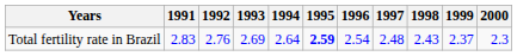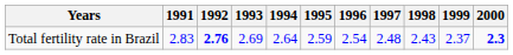 <table class="wikitable " style="text-align:right">
 <tr>
 <th>Years</th>
 <th>1991</th>
 <th>1992</th>
 <th>1993</th>
 <th>1994</th>
 <th>1995</th>
 <th>1996</th>
 <th>1997</th>
 <th>1998</th>
 <th>1999</th>
 <th>2000</th>
 </tr>
 <tr>
 <td align="left">Total fertility rate in Brazil</td>
 <td style="text-align:right; color:blue;">2.83</td>
-<td style="text-align:right; color:blue;">2.76</td>
+<td style="text-align:right; color:blue;"><strong>2.76</strong></td>
 <td style="text-align:right; color:blue;">2.69</td>
 <td style="text-align:right; color:blue;">2.64</td>
-<td style="text-align:right; color:blue;"><strong>2.59</strong></td>
+<td style="text-align:right; color:blue;">2.59</td>
 <td style="text-align:right; color:blue;">2.54</td>
 <td style="text-align:right; color:blue;">2.48</td>
 <td style="text-align:right; color:blue;">2.43</td>
 <td style="text-align:right; color:blue;">2.37</td>
-<td style="text-align:right; color:blue;">2.3</td>
+<td style="text-align:right; color:blue;"><strong>2.3</strong></td>
 </tr>
 </table>
